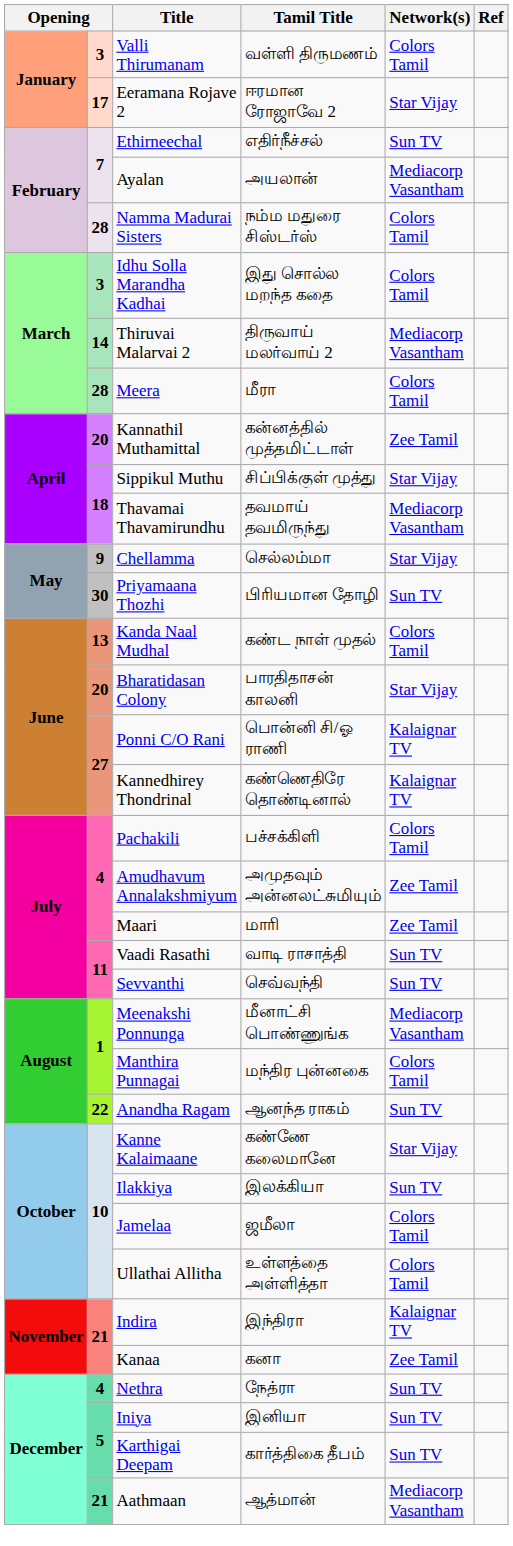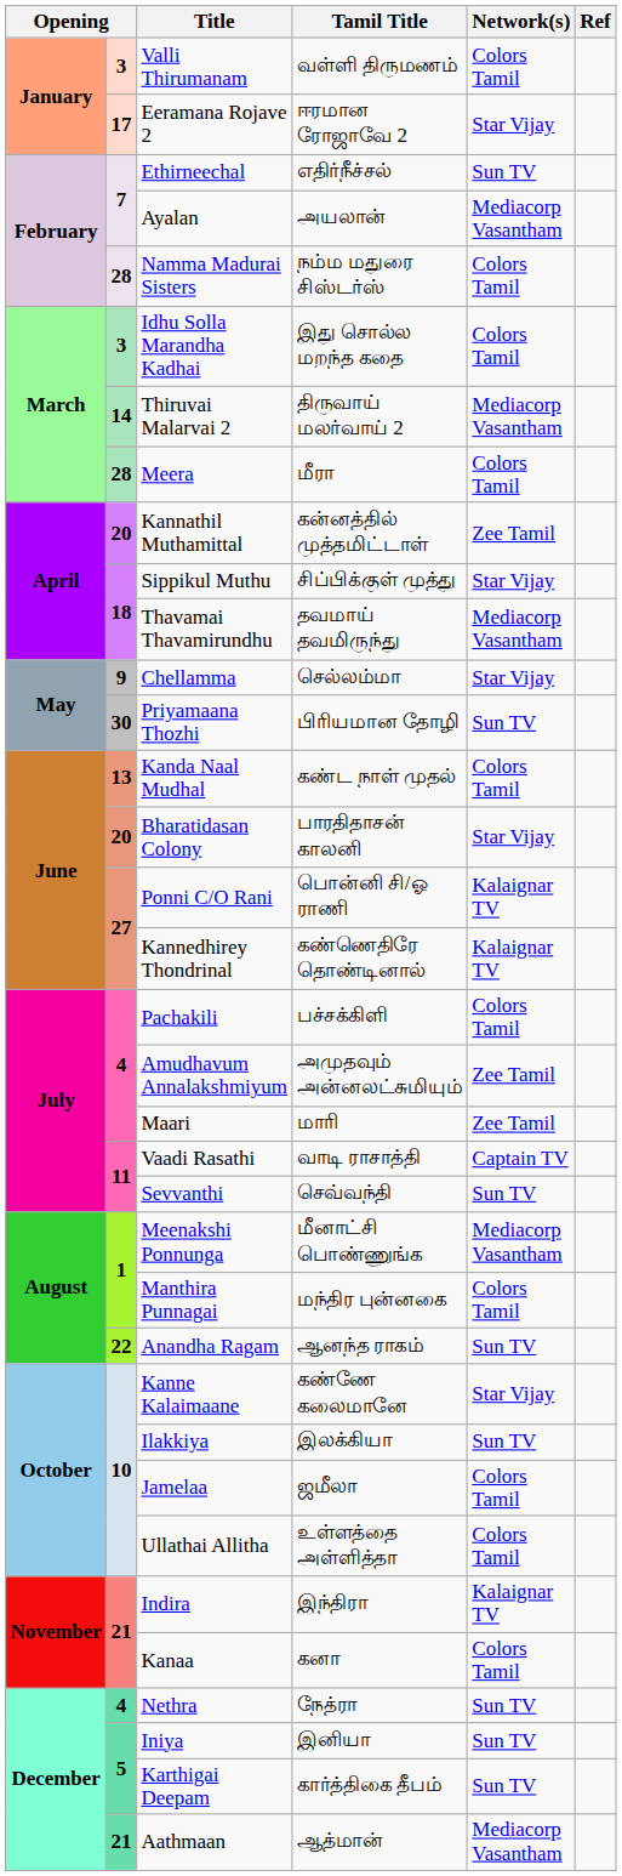 <table class="wikitable" width="75%">
 <tr>
 <th colspan="2">Opening</th>
 <th style="width:30%;">Title</th>
 <th style="width:30%;">Tamil Title</th>
 <th style="width:20%;">Network(s)</th>
 <th>Ref</th>
 </tr>
 <tr>
 <td rowspan="2" style="text-align:center;background:#ffa07a;textcolor:#000;"><strong>January</strong></td>
 <td style="text-align:center; background:#ffdacc;"><strong>3</strong></td>
 <td><a href='#'>Valli Thirumanam</a></td>
 <td>வள்ளி திருமணம்</td>
 <td><a href='#'>Colors Tamil</a></td>
 <td></td>
 </tr>
 <tr>
 <td style="text-align:center; background:#ffdacc;"><strong>17</strong></td>
 <td>Eeramana Rojave 2</td>
 <td>ஈரமான ரோஜாவே 2</td>
 <td><a href='#'>Star Vijay</a></td>
 <td></td>
 </tr>
 <tr>
 <td rowspan="3" style="text-align:center; background:#dcc7df; textcolor:#000;"><strong>February</strong></td>
 <td rowspan="2"  style="text-align:center; background:#ede3ef;"><strong>7</strong></td>
 <td><a href='#'>Ethirneechal</a></td>
 <td>எதிர்நீச்சல்</td>
 <td><a href='#'>Sun TV</a></td>
 <td></td>
 </tr>
 <tr>
 <td>Ayalan</td>
 <td>அயலான்</td>
 <td><a href='#'>Mediacorp Vasantham</a></td>
 <td></td>
 </tr>
 <tr>
 <td style="text-align:center; background:#ede3ef;"><strong>28</strong></td>
 <td><a href='#'>Namma Madurai Sisters</a></td>
 <td>நம்ம மதுரை சிஸ்டர்ஸ்</td>
 <td><a href='#'>Colors Tamil</a></td>
 <td></td>
 </tr>
 <tr>
 <td rowspan="3" style="text-align:center; background:#98fb98; textcolor:#000;"><strong>March</strong></td>
 <td style="text-align:center; background:#a8e4bc;"><strong>3</strong></td>
 <td><a href='#'>Idhu Solla Marandha Kadhai</a></td>
 <td>இது சொல்ல மறந்த கதை</td>
 <td><a href='#'>Colors Tamil</a></td>
 <td></td>
 </tr>
 <tr>
 <td style="text-align:center; background:#a8e4bc;"><strong>14</strong></td>
 <td>Thiruvai Malarvai 2</td>
 <td>திருவாய் மலர்வாய் 2</td>
 <td><a href='#'>Mediacorp Vasantham</a></td>
 <td></td>
 </tr>
 <tr>
 <td style="text-align:center; background:#a8e4bc;"><strong>28</strong></td>
 <td><a href='#'>Meera</a></td>
 <td>மீரா</td>
 <td><a href='#'>Colors Tamil</a></td>
 <td></td>
 </tr>
 <tr>
 <td rowspan="3" style="text-align:center; background:#a0f; textcolor:#d580ff;"><strong>April</strong></td>
 <td style="text-align:center; background:#d580ff"><strong>20</strong></td>
 <td>Kannathil Muthamittal</td>
 <td>கன்னத்தில் முத்தமிட்டாள்</td>
 <td><a href='#'>Zee Tamil</a></td>
 <td></td>
 </tr>
 <tr>
 <td rowspan="2" style="text-align:center; background:#d580ff"><strong>18</strong></td>
 <td>Sippikul Muthu</td>
 <td>சிப்பிக்குள் முத்து</td>
 <td><a href='#'>Star Vijay</a></td>
 <td></td>
 </tr>
 <tr>
 <td>Thavamai Thavamirundhu</td>
 <td>தவமாய் தவமிருந்து</td>
 <td><a href='#'>Mediacorp Vasantham</a></td>
 <td></td>
 </tr>
 <tr>
 <td rowspan="2" style="text-align:center; background:#91a3b0; textcolor:#000;"><strong>May</strong></td>
 <td style="text-align:center; background:silver"><strong>9</strong></td>
 <td><a href='#'>Chellamma</a></td>
 <td>செல்லம்மா</td>
 <td><a href='#'>Star Vijay</a></td>
 <td></td>
 </tr>
 <tr>
 <td style="text-align:center; background:silver"><strong>30</strong></td>
 <td><a href='#'>Priyamaana Thozhi</a></td>
 <td>பிரியமான தோழி</td>
 <td><a href='#'>Sun TV</a></td>
 <td></td>
 </tr>
 <tr>
 <td rowspan="4" style="text-align:center; background:#CD7F32; textcolor:#000;"><strong>June</strong></td>
 <td style="text-align:center; background:#e9967a;"><strong>13</strong></td>
 <td><a href='#'>Kanda Naal Mudhal</a></td>
 <td>கண்ட நாள் முதல்</td>
 <td><a href='#'>Colors Tamil</a></td>
 <td></td>
 </tr>
 <tr>
 <td style="text-align:center; background:#e9967a;"><strong>20</strong></td>
 <td><a href='#'>Bharatidasan Colony</a></td>
 <td>பாரதிதாசன் காலனி</td>
 <td><a href='#'>Star Vijay</a></td>
 <td></td>
 </tr>
 <tr>
 <td rowspan="2" style="text-align:center; background:#e9967a;"><strong>27</strong></td>
 <td><a href='#'>Ponni C/O Rani</a></td>
 <td>பொன்னி சி/ஓ ராணி</td>
 <td><a href='#'>Kalaignar TV</a></td>
 <td></td>
 </tr>
 <tr>
 <td>Kannedhirey Thondrinal</td>
 <td>கண்ணெதிரே தொண்டினால்</td>
 <td><a href='#'>Kalaignar TV</a></td>
 <td></td>
 </tr>
 <tr>
 <td rowspan="5" style="text-align:center; background:#F400A1; textcolor:#000;"><strong>July</strong></td>
 <td rowspan="3" style="text-align:center; background:hotPink;"><strong>4</strong></td>
 <td><a href='#'>Pachakili</a></td>
 <td>பச்சக்கிளி</td>
 <td><a href='#'>Colors Tamil</a></td>
 <td></td>
 </tr>
 <tr>
 <td><a href='#'>Amudhavum Annalakshmiyum</a></td>
 <td>அமுதவும் அன்னலட்சுமியும்</td>
 <td><a href='#'>Zee Tamil</a></td>
 <td></td>
 </tr>
 <tr>
 <td>Maari</td>
 <td>மாரி</td>
 <td><a href='#'>Zee Tamil</a></td>
 <td></td>
 </tr>
 <tr>
 <td rowspan="2" style="text-align:center; background:hotPink;"><strong>11</strong></td>
 <td>Vaadi Rasathi</td>
 <td>வாடி ராசாத்தி</td>
-<td><a href='#'>Sun TV</a></td>
+<td><a href='#'>Captain TV</a></td>
 <td></td>
 </tr>
 <tr>
 <td><a href='#'>Sevvanthi</a></td>
 <td>செவ்வந்தி</td>
 <td><a href='#'>Sun TV</a></td>
 <td></td>
 </tr>
 <tr>
 <td rowspan="3" style="text-align:center; background:#32CD32; textcolor:#d580ff;"><strong>August</strong></td>
 <td rowspan="2" style="text-align:center; background:#a7f432;"><strong>1</strong></td>
 <td><a href='#'>Meenakshi Ponnunga</a></td>
 <td>மீனாட்சி பொண்ணுங்க</td>
 <td><a href='#'>Mediacorp Vasantham</a></td>
 <td></td>
 </tr>
 <tr>
 <td><a href='#'>Manthira Punnagai</a></td>
 <td>மந்திர புன்னகை</td>
 <td><a href='#'>Colors Tamil</a></td>
 <td></td>
 </tr>
 <tr>
 <td style="text-align:center; background:#a7f432;"><strong>22</strong></td>
 <td><a href='#'>Anandha Ragam</a></td>
 <td>ஆனந்த ராகம்</td>
 <td><a href='#'>Sun TV</a></td>
 <td></td>
 </tr>
 <tr>
 <td rowspan="4" style="text-align:center; background:#93CCEA; textcolor:#d580ff;"><strong>October</strong></td>
 <td rowspan="4" style="text-align:center; background:#d9e4f1;"><strong>10</strong></td>
 <td><a href='#'>Kanne Kalaimaane</a></td>
 <td>கண்ணே கலைமானே</td>
 <td><a href='#'>Star Vijay</a></td>
 <td></td>
 </tr>
 <tr>
 <td><a href='#'>Ilakkiya</a></td>
 <td>இலக்கியா</td>
 <td><a href='#'>Sun TV</a></td>
 <td></td>
 </tr>
 <tr>
 <td><a href='#'>Jamelaa</a></td>
 <td>ஜமீலா</td>
 <td><a href='#'>Colors Tamil</a></td>
 <td></td>
 </tr>
 <tr>
 <td>Ullathai Allitha</td>
 <td>உள்ளத்தை அள்ளித்தா</td>
 <td><a href='#'>Colors Tamil</a></td>
 <td></td>
 </tr>
 <tr>
 <td rowspan="2" style="text-align:center; background:#f40b0b; textcolor:#000;"><strong>November</strong></td>
 <td rowspan="2" style="text-align:center;background:#f9827c;"><strong>21</strong></td>
 <td><a href='#'>Indira</a></td>
 <td>இந்திரா</td>
 <td><a href='#'>Kalaignar TV</a></td>
 <td></td>
 </tr>
 <tr>
 <td>Kanaa</td>
 <td>கனா</td>
-<td><a href='#'>Zee Tamil</a></td>
+<td><a href='#'>Colors Tamil</a></td>
 <td></td>
 </tr>
 <tr>
 <td rowspan="4" style="text-align:center; background:#7FFFD4; textcolor:#000;"><strong>December</strong></td>
 <td style="text-align:center; background:#6da;"><strong>4</strong></td>
 <td><a href='#'>Nethra</a></td>
 <td>நேத்ரா</td>
 <td><a href='#'>Sun TV</a></td>
 <td></td>
 </tr>
 <tr>
 <td rowspan="2" style="text-align:center; background:#6da;"><strong>5</strong></td>
 <td><a href='#'>Iniya</a></td>
 <td>இனியா</td>
 <td><a href='#'>Sun TV</a></td>
 <td></td>
 </tr>
 <tr>
 <td><a href='#'>Karthigai Deepam</a></td>
 <td>கார்த்திகை தீபம்</td>
 <td><a href='#'>Sun TV</a></td>
 <td></td>
 </tr>
 <tr>
 <td style="text-align:center; background:#6da;"><strong>21</strong></td>
 <td>Aathmaan</td>
 <td>ஆத்மான்</td>
 <td><a href='#'>Mediacorp Vasantham</a></td>
 <td></td>
 </tr>
 </table>
